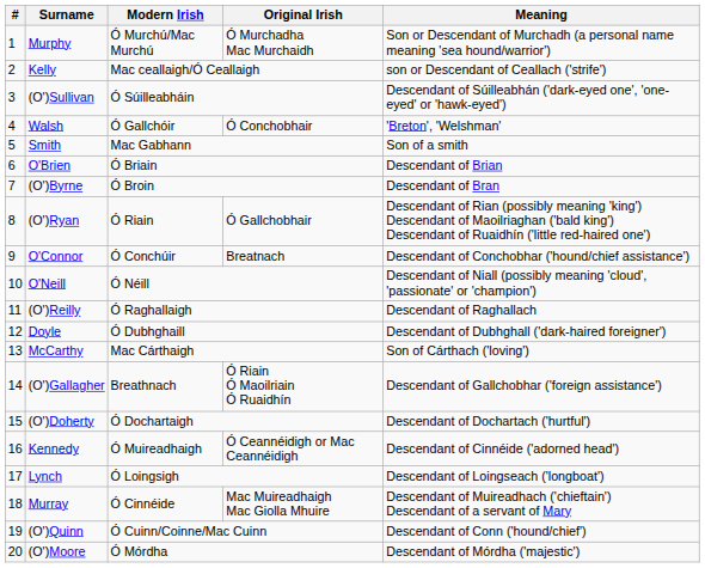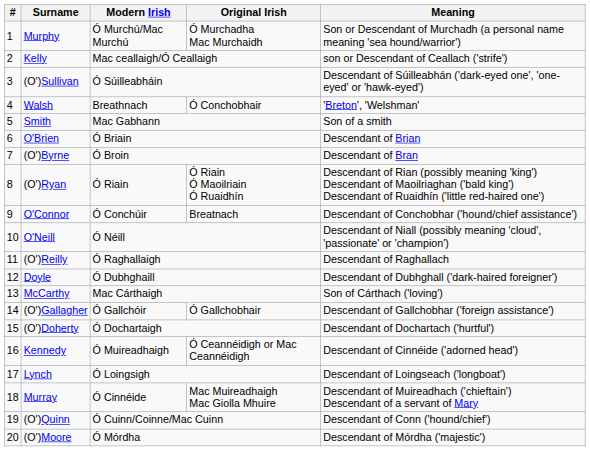 <table class="wikitable">
 <tr>
 <th>#</th>
 <th>Surname</th>
 <th>Modern <a href='#'>Irish</a></th>
 <th>Original Irish</th>
 <th>Meaning</th>
 </tr>
 <tr>
 <td>1</td>
 <td><a href='#'>Murphy</a></td>
 <td>Ó Murchú/Mac Murchú</td>
 <td>Ó Murchadha <br>Mac Murchaidh</td>
 <td>Son or Descendant of Murchadh (a personal name meaning 'sea hound/warrior')</td>
 </tr>
 <tr>
 <td>2</td>
 <td><a href='#'>Kelly</a></td>
 <td colspan="2">Mac ceallaigh/Ó Ceallaigh</td>
 <td>son or Descendant of Ceallach ('strife')</td>
 </tr>
 <tr>
 <td>3</td>
 <td>(O')<a href='#'>Sullivan</a></td>
 <td colspan="2">Ó Súilleabháin</td>
 <td>Descendant of Súilleabhán ('dark-eyed one', 'one-eyed' or 'hawk-eyed')</td>
 </tr>
 <tr>
 <td>4</td>
 <td><a href='#'>Walsh</a></td>
-<td>Ó Gallchóir</td>
+<td>Breathnach</td>
 <td>Ó Conchobhair</td>
 <td>'<a href='#'>Breton</a>', 'Welshman'</td>
 </tr>
 <tr>
 <td>5</td>
 <td><a href='#'>Smith</a></td>
 <td colspan="2">Mac Gabhann</td>
 <td>Son of a smith</td>
 </tr>
 <tr>
 <td>6</td>
 <td><a href='#'>O'Brien</a></td>
 <td colspan="2">Ó Briain</td>
 <td>Descendant of <a href='#'>Brian</a></td>
 </tr>
 <tr>
 <td>7</td>
 <td>(O')<a href='#'>Byrne</a></td>
 <td colspan="2">Ó Broin</td>
 <td>Descendant of <a href='#'>Bran</a></td>
 </tr>
 <tr>
 <td>8</td>
 <td>(O')<a href='#'>Ryan</a></td>
 <td>Ó Riain</td>
-<td>Ó Gallchobhair</td>
+<td>Ó Riain<br>Ó Maoilriain<br>Ó Ruaidhín</td>
 <td>Descendant of Rian (possibly meaning 'king')<br>Descendant of Maoilriaghan ('bald king')<br>Descendant of Ruaidhín ('little red-haired one')</td>
 </tr>
 <tr>
 <td>9</td>
 <td><a href='#'>O'Connor</a></td>
 <td>Ó Conchúir</td>
 <td>Breatnach</td>
 <td>Descendant of Conchobhar ('hound/chief assistance')</td>
 </tr>
 <tr>
 <td>10</td>
 <td><a href='#'>O'Neill</a></td>
 <td colspan="2">Ó Néill</td>
 <td>Descendant of Niall (possibly meaning 'cloud', 'passionate' or 'champion')</td>
 </tr>
 <tr>
 <td>11</td>
 <td>(O')<a href='#'>Reilly</a></td>
 <td colspan="2">Ó Raghallaigh</td>
 <td>Descendant of Raghallach</td>
 </tr>
 <tr>
 <td>12</td>
 <td><a href='#'>Doyle</a></td>
 <td colspan="2">Ó Dubhghaill</td>
 <td>Descendant of Dubhghall ('dark-haired foreigner')</td>
 </tr>
 <tr>
 <td>13</td>
 <td><a href='#'>McCarthy</a></td>
 <td colspan="2">Mac Cárthaigh</td>
 <td>Son of Cárthach ('loving')</td>
 </tr>
 <tr>
 <td>14</td>
 <td>(O')<a href='#'>Gallagher</a></td>
-<td>Breathnach</td>
-<td>Ó Riain<br>Ó Maoilriain<br>Ó Ruaidhín</td>
+<td>Ó Gallchóir</td>
+<td>Ó Gallchobhair</td>
 <td>Descendant of Gallchobhar ('foreign assistance')</td>
 </tr>
 <tr>
 <td>15</td>
 <td>(O')<a href='#'>Doherty</a></td>
 <td colspan="2">Ó Dochartaigh</td>
 <td>Descendant of Dochartach ('hurtful')</td>
 </tr>
 <tr>
 <td>16</td>
 <td><a href='#'>Kennedy</a></td>
 <td>Ó Muireadhaigh</td>
 <td>Ó Ceannéidigh or Mac Ceannéidigh</td>
 <td>Descendant of Cinnéide ('adorned head')</td>
 </tr>
 <tr>
 <td>17</td>
 <td><a href='#'>Lynch</a></td>
 <td colspan="2">Ó Loingsigh</td>
 <td>Descendant of Loingseach ('longboat')</td>
 </tr>
 <tr>
 <td>18</td>
 <td><a href='#'>Murray</a></td>
 <td>Ó Cinnéide</td>
 <td>Mac Muireadhaigh <br> Mac Giolla Mhuire</td>
 <td>Descendant of Muireadhach ('chieftain')<br> Descendant of a servant of <a href='#'>Mary</a></td>
 </tr>
 <tr>
 <td>19</td>
 <td>(O')<a href='#'>Quinn</a></td>
 <td colspan="2">Ó Cuinn/Coinne/Mac Cuinn</td>
 <td>Descendant of Conn ('hound/chief')</td>
 </tr>
 <tr>
 <td>20</td>
 <td>(O')<a href='#'>Moore</a></td>
 <td colspan="2">Ó Mórdha</td>
 <td>Descendant of Mórdha ('majestic')</td>
 </tr>
 </table>
